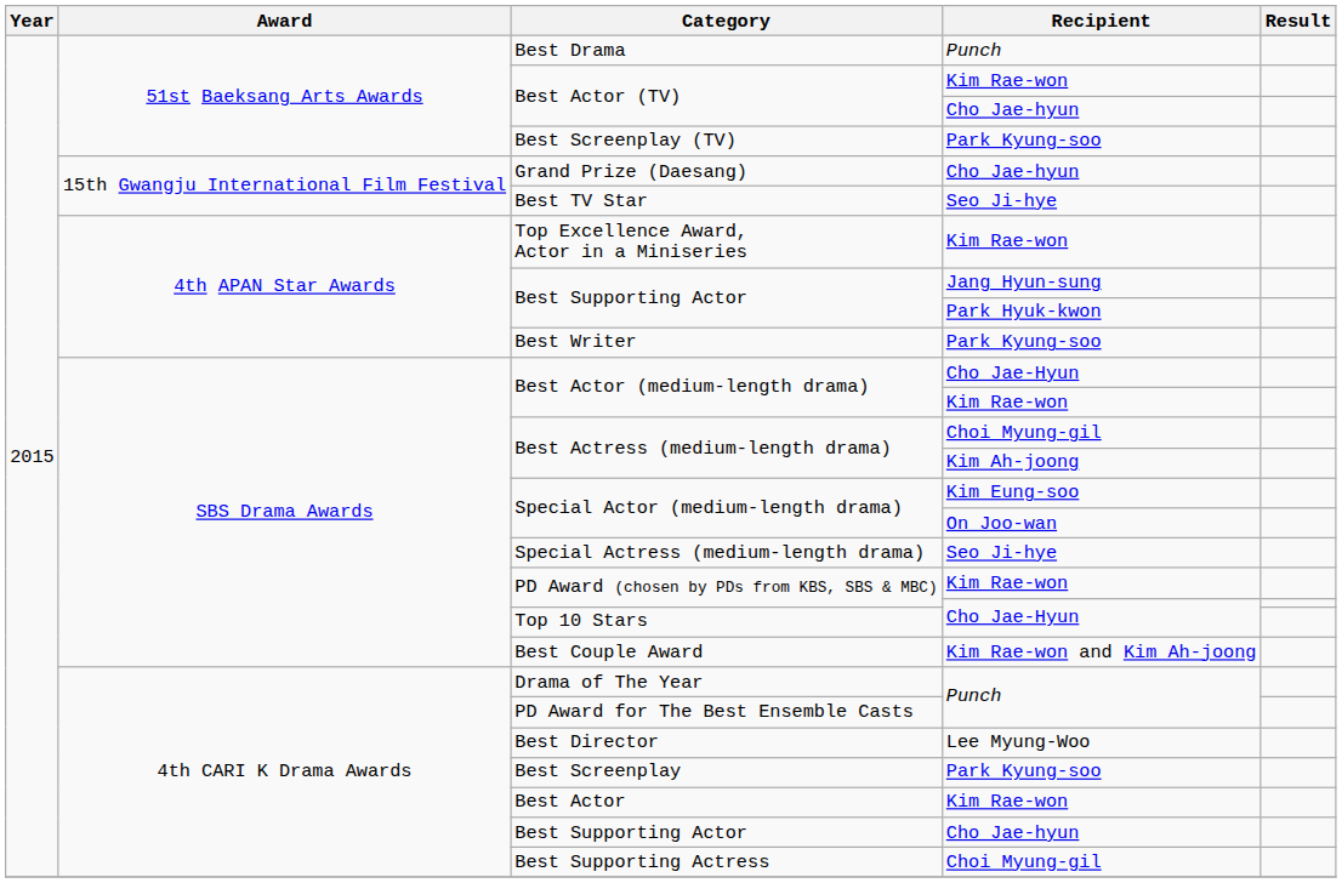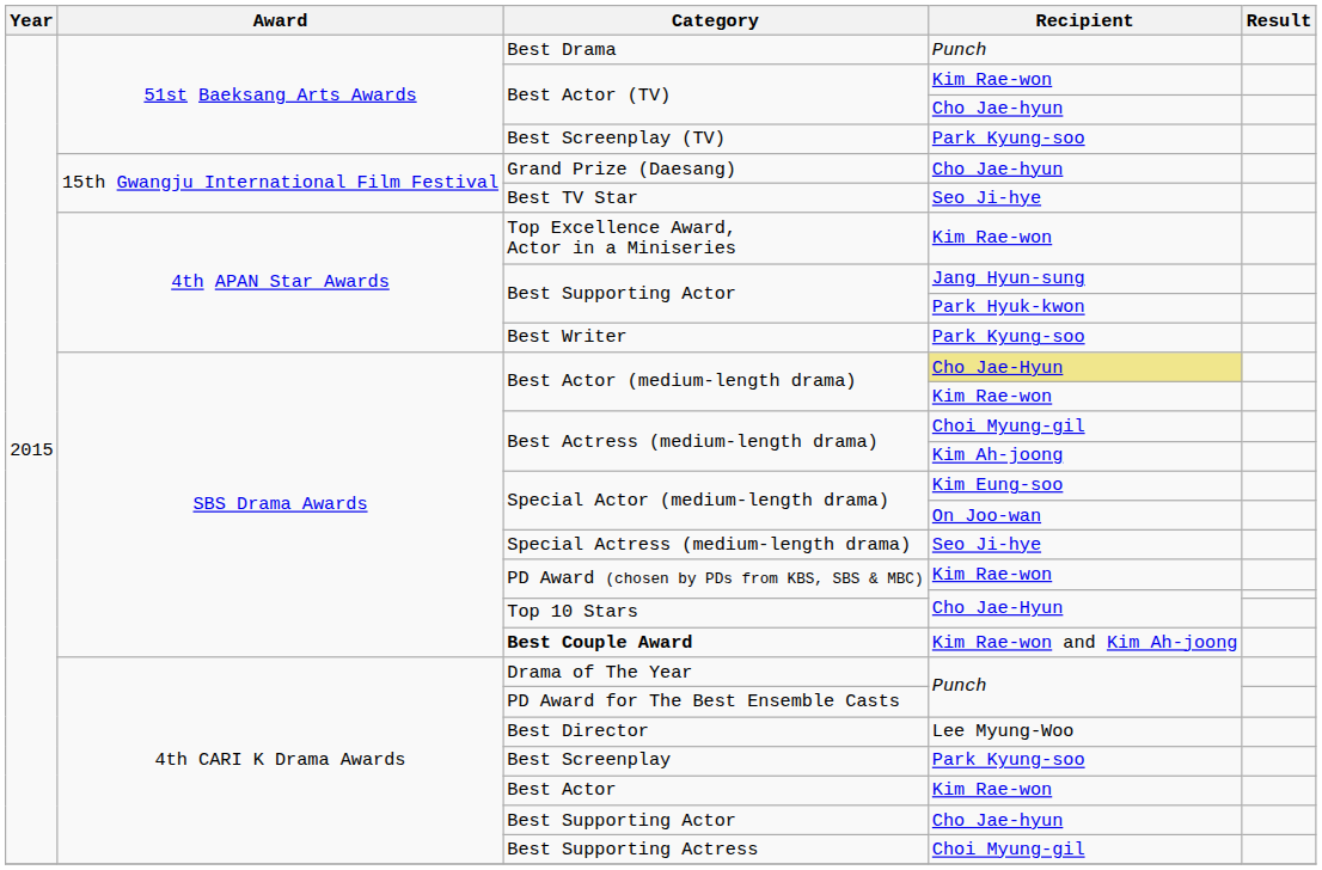 <table class="wikitable">
 <tr>
 <th>Year</th>
 <th>Award</th>
 <th>Category</th>
 <th>Recipient</th>
 <th>Result</th>
 </tr>
 <tr>
 <td rowspan=28>2015</td>
 <td rowspan="4" style="text-align:center;"><a href='#'>51st</a> <a href='#'>Baeksang Arts Awards</a></td>
 <td>Best Drama</td>
 <td><em>Punch</em></td>
 <td></td>
 </tr>
 <tr>
 <td rowspan=2>Best Actor (TV)</td>
 <td><a href='#'>Kim Rae-won</a></td>
 <td></td>
 </tr>
 <tr>
 <td><a href='#'>Cho Jae-hyun</a></td>
 <td></td>
 </tr>
 <tr>
 <td>Best Screenplay (TV)</td>
 <td><a href='#'>Park Kyung-soo</a></td>
 <td></td>
 </tr>
 <tr>
 <td rowspan="2" style="text-align:center;">15th <a href='#'>Gwangju International Film Festival</a></td>
 <td>Grand Prize (Daesang)</td>
 <td><a href='#'>Cho Jae-hyun</a></td>
 <td></td>
 </tr>
 <tr>
 <td>Best TV Star</td>
 <td><a href='#'>Seo Ji-hye</a></td>
 <td></td>
 </tr>
 <tr>
 <td rowspan="4" style="text-align:center;"><a href='#'>4th</a> <a href='#'>APAN Star Awards</a></td>
 <td>Top Excellence Award, <br> Actor in a Miniseries</td>
 <td><a href='#'>Kim Rae-won</a></td>
 <td></td>
 </tr>
 <tr>
 <td rowspan=2>Best Supporting Actor</td>
 <td><a href='#'>Jang Hyun-sung</a></td>
 <td></td>
 </tr>
 <tr>
 <td><a href='#'>Park Hyuk-kwon</a></td>
 <td></td>
 </tr>
 <tr>
 <td>Best Writer</td>
 <td><a href='#'>Park Kyung-soo</a></td>
 <td></td>
 </tr>
 <tr>
 <td rowspan="11" style="text-align:center;"><a href='#'>SBS Drama Awards</a></td>
 <td rowspan="2">Best Actor (medium-length drama)</td>
-<td><a href='#'>Cho Jae-Hyun</a></td>
+<td style="background: khaki;"><a href='#'>Cho Jae-Hyun</a></td>
 <td></td>
 </tr>
 <tr>
 <td><a href='#'>Kim Rae-won</a></td>
 <td></td>
 </tr>
 <tr>
 <td rowspan="2">Best Actress (medium-length drama)</td>
 <td><a href='#'>Choi Myung-gil</a></td>
 <td></td>
 </tr>
 <tr>
 <td><a href='#'>Kim Ah-joong</a></td>
 <td></td>
 </tr>
 <tr>
 <td rowspan="2">Special Actor (medium-length drama)</td>
 <td><a href='#'>Kim Eung-soo</a></td>
 <td></td>
 </tr>
 <tr>
 <td><a href='#'>On Joo-wan</a></td>
 <td></td>
 </tr>
 <tr>
 <td>Special Actress (medium-length drama)</td>
 <td><a href='#'>Seo Ji-hye</a></td>
 <td></td>
 </tr>
 <tr>
 <td rowspan="2">PD Award <small>(chosen by PDs from KBS, SBS & MBC)</small></td>
 <td><a href='#'>Kim Rae-won</a></td>
 <td></td>
 </tr>
 <tr>
 <td rowspan="2"><a href='#'>Cho Jae-Hyun</a></td>
 <td></td>
 </tr>
 <tr>
 <td>Top 10 Stars</td>
 <td></td>
 </tr>
 <tr>
-<td>Best Couple Award</td>
+<td><strong>Best Couple Award</strong></td>
 <td><a href='#'>Kim Rae-won</a> and <a href='#'>Kim Ah-joong</a></td>
 <td></td>
 </tr>
 <tr>
 <td rowspan="7" style="text-align:center;">4th CARI K Drama Awards</td>
 <td>Drama of The Year</td>
 <td rowspan=2><em>Punch</em></td>
 <td></td>
 </tr>
 <tr>
 <td>PD Award for The Best Ensemble Casts</td>
 <td></td>
 </tr>
 <tr>
 <td>Best Director</td>
 <td>Lee Myung-Woo</td>
 <td></td>
 </tr>
 <tr>
 <td>Best Screenplay</td>
 <td><a href='#'>Park Kyung-soo</a></td>
 <td></td>
 </tr>
 <tr>
 <td>Best Actor</td>
 <td><a href='#'>Kim Rae-won</a></td>
 <td></td>
 </tr>
 <tr>
 <td>Best Supporting Actor</td>
 <td><a href='#'>Cho Jae-hyun</a></td>
 <td></td>
 </tr>
 <tr>
 <td>Best Supporting Actress</td>
 <td><a href='#'>Choi Myung-gil</a></td>
 <td></td>
 </tr>
 <tr>
 </tr>
 </table>
